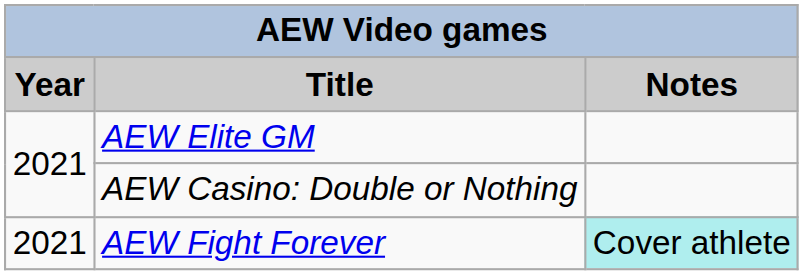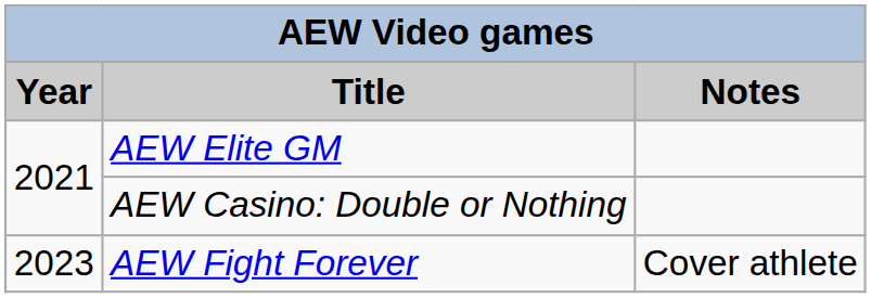 <table class="wikitable sortable">
 <tr style="text-align:center;">
 <th colspan=4 style="background:#B0C4DE;">AEW Video games</th>
 </tr>
 <tr style="text-align:center;">
 <th style="background:#ccc;">Year</th>
 <th style="background:#ccc;">Title</th>
 <th style="background:#ccc;">Notes</th>
 </tr>
 <tr>
 <td rowspan="2">2021</td>
 <td><em><a href='#'>AEW Elite GM</a></em></td>
 <td></td>
 </tr>
 <tr>
 <td><em>AEW Casino: Double or Nothing</em></td>
 <td></td>
 </tr>
 <tr>
-<td>2021</td>
+<td>2023</td>
 <td><em><a href='#'>AEW Fight Forever</a></em></td>
-<td style="background: paleturquoise;">Cover athlete</td>
+<td>Cover athlete</td>
 </tr>
 </table>
